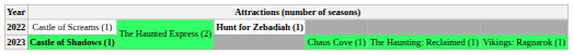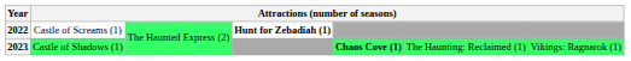 <table class="wikitable" style="text-align:center;font-size:85%;">
 <tr>
 <th>Year</th>
 <th colspan="6">Attractions (number of seasons)</th>
 </tr>
 <tr>
 <th>2022</th>
 <td rowspan="1" style="background:#fff;">Castle of Screams (1)</td>
 <td rowspan="2" style="background:#3f6;">The Haunted Express (2)</td>
 <td rowspan="1" style="background:#fff;"><strong>Hunt for Zebadiah (1)</strong></td>
 <td rowspan="1" style="background:#aaa;"></td>
 <td rowspan="1" style="background:#aaa;"></td>
 <td rowspan="1" style="background:#aaa;"></td>
 </tr>
 <tr>
 <th>2023</th>
-<td rowspan="1" style="background:#3f6;"><strong>Castle of Shadows (1)</strong></td>
+<td rowspan="1" style="background:#3f6;">Castle of Shadows (1)</td>
 <td rowspan="1" style="background:#aaa;"></td>
-<td rowspan="1" style="background:#3f6;">Chaos Cove (1)</td>
+<td rowspan="1" style="background:#3f6;"><strong>Chaos Cove (1)</strong></td>
 <td rowspan="1" style="background:#3f6;">The Haunting: Reclaimed (1)</td>
 <td rowspan="1" style="background:#3f6;">Vikings: Ragnarok (1)</td>
 </tr>
 </table>
